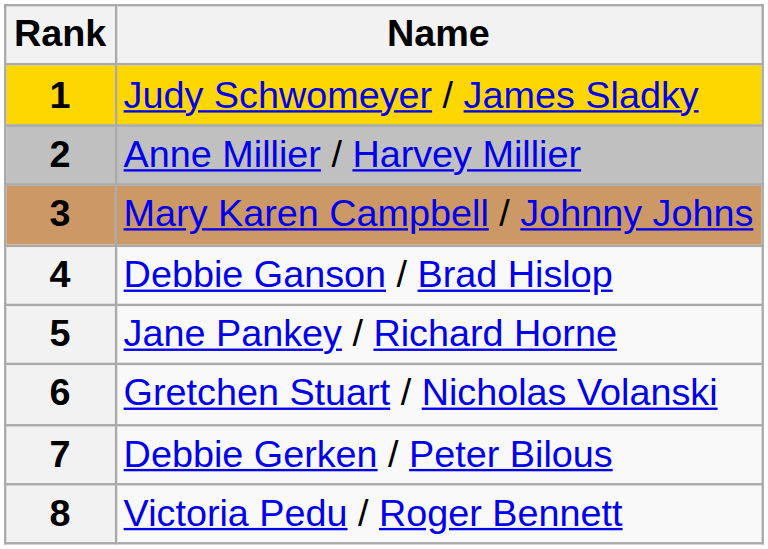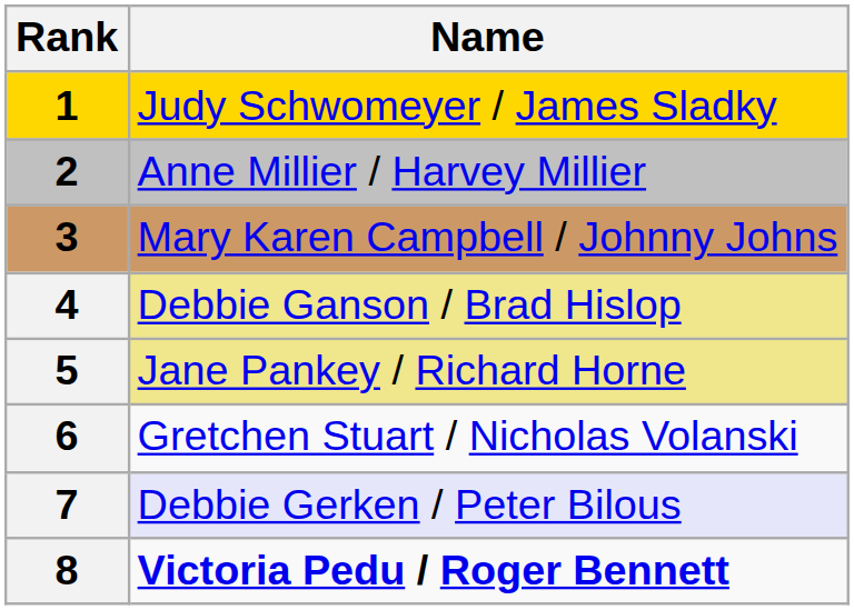 <table class="wikitable">
 <tr>
 <th>Rank</th>
 <th>Name</th>
 </tr>
 <tr bgcolor="gold">
 <td align="center"><strong>1</strong></td>
 <td><a href='#'>Judy Schwomeyer</a> / <a href='#'>James Sladky</a></td>
 </tr>
 <tr bgcolor="silver">
 <td align="center"><strong>2</strong></td>
 <td><a href='#'>Anne Millier</a> / <a href='#'>Harvey Millier</a></td>
 </tr>
 <tr bgcolor="cc9966">
 <td align="center"><strong>3</strong></td>
 <td><a href='#'>Mary Karen Campbell</a> / <a href='#'>Johnny Johns</a></td>
 </tr>
 <tr>
 <th>4</th>
-<td><a href='#'>Debbie Ganson</a> / <a href='#'>Brad Hislop</a></td>
+<td style="background: khaki;"><a href='#'>Debbie Ganson</a> / <a href='#'>Brad Hislop</a></td>
 </tr>
 <tr>
 <th>5</th>
-<td><a href='#'>Jane Pankey</a> / <a href='#'>Richard Horne</a></td>
+<td style="background: khaki;"><a href='#'>Jane Pankey</a> / <a href='#'>Richard Horne</a></td>
 </tr>
 <tr>
 <th>6</th>
 <td><a href='#'>Gretchen Stuart</a> / <a href='#'>Nicholas Volanski</a></td>
 </tr>
 <tr>
 <th>7</th>
-<td><a href='#'>Debbie Gerken</a> / <a href='#'>Peter Bilous</a></td>
+<td style="background: lavender;"><a href='#'>Debbie Gerken</a> / <a href='#'>Peter Bilous</a></td>
 </tr>
 <tr>
 <th>8</th>
-<td><a href='#'>Victoria Pedu</a> / <a href='#'>Roger Bennett</a></td>
+<td><strong><a href='#'>Victoria Pedu</a> / <a href='#'>Roger Bennett</a></strong></td>
 </tr>
 </table>
